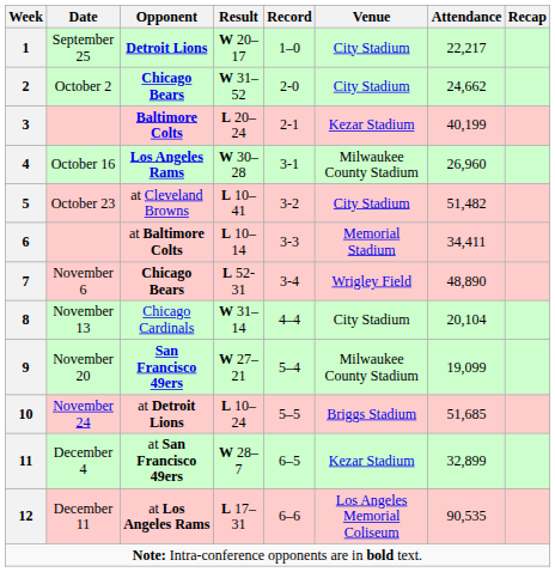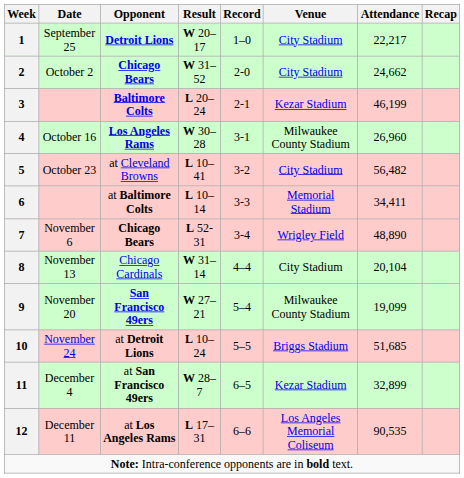 <table class="wikitable" style="text-align:center">
 <tr>
 <th>Week</th>
 <th>Date</th>
 <th>Opponent</th>
 <th>Result</th>
 <th>Record</th>
 <th>Venue</th>
 <th>Attendance</th>
 <th>Recap</th>
 </tr>
 <tr style="background:#cfc">
 <th>1</th>
 <td>September 25</td>
 <td><strong><a href='#'>Detroit Lions</a></strong></td>
 <td><strong>W</strong> 20–17</td>
 <td>1–0</td>
 <td><a href='#'>City Stadium</a></td>
 <td>22,217</td>
 <td></td>
 </tr>
 <tr style="background:#cfc">
 <th>2</th>
 <td>October 2</td>
 <td><strong><a href='#'>Chicago Bears</a></strong></td>
 <td><strong>W</strong> 31–52</td>
 <td>2-0</td>
 <td><a href='#'>City Stadium</a></td>
 <td>24,662</td>
 <td></td>
 </tr>
 <tr style="background:#fcc">
 <th>3</th>
 <td></td>
 <td><strong><a href='#'>Baltimore Colts</a></strong></td>
 <td><strong>L</strong> 20–24</td>
 <td>2-1</td>
 <td><a href='#'>Kezar Stadium</a></td>
-<td>40,199</td>
+<td>46,199</td>
 <td></td>
 </tr>
 <tr style="background:#cfc">
 <th>4</th>
 <td>October 16</td>
 <td><strong><a href='#'>Los Angeles Rams</a></strong></td>
 <td><strong>W</strong> 30–28</td>
 <td>3-1</td>
 <td>Milwaukee County Stadium</td>
 <td>26,960</td>
 <td></td>
 </tr>
 <tr style="background:#fcc">
 <th>5</th>
 <td>October 23</td>
 <td>at <a href='#'>Cleveland Browns</a></td>
 <td><strong>L</strong> 10–41</td>
 <td>3-2</td>
 <td><a href='#'>City Stadium</a></td>
-<td>51,482</td>
+<td>56,482</td>
 <td></td>
 </tr>
 <tr style="background:#fcc">
 <th>6</th>
 <td></td>
 <td>at <strong>Baltimore Colts</strong></td>
 <td><strong>L</strong> 10–14</td>
 <td>3-3</td>
 <td><a href='#'>Memorial Stadium</a></td>
 <td>34,411</td>
 <td></td>
 </tr>
 <tr style="background:#fcc">
 <th>7</th>
 <td>November 6</td>
 <td><strong>Chicago Bears</strong></td>
 <td><strong>L</strong> 52-31</td>
 <td>3-4</td>
 <td><a href='#'>Wrigley Field</a></td>
 <td>48,890</td>
 <td></td>
 </tr>
 <tr style="background:#cfc">
 <th>8</th>
 <td>November 13</td>
 <td><a href='#'>Chicago Cardinals</a></td>
 <td><strong>W</strong> 31–14</td>
 <td>4–4</td>
 <td>City Stadium</td>
 <td>20,104</td>
 <td></td>
 </tr>
 <tr style="background:#cfc">
 <th>9</th>
 <td>November 20</td>
 <td><strong><a href='#'>San Francisco 49ers</a></strong></td>
 <td><strong>W</strong> 27–21</td>
 <td>5–4</td>
 <td>Milwaukee County Stadium</td>
 <td>19,099</td>
 <td></td>
 </tr>
 <tr style="background:#fcc">
 <th>10</th>
 <td><a href='#'>November 24</a></td>
 <td>at <strong>Detroit Lions</strong></td>
 <td><strong>L</strong> 10–24</td>
 <td>5–5</td>
 <td><a href='#'>Briggs Stadium</a></td>
 <td>51,685</td>
 <td></td>
 </tr>
 <tr style="background:#cfc">
 <th>11</th>
 <td>December 4</td>
 <td>at <strong>San Francisco 49ers</strong></td>
 <td><strong>W</strong> 28–7</td>
 <td>6–5</td>
 <td><a href='#'>Kezar Stadium</a></td>
 <td>32,899</td>
 <td></td>
 </tr>
 <tr style="background:#fcc">
 <th>12</th>
 <td>December 11</td>
 <td>at <strong>Los Angeles Rams</strong></td>
 <td><strong>L</strong> 17–31</td>
 <td>6–6</td>
 <td><a href='#'>Los Angeles Memorial Coliseum</a></td>
 <td>90,535</td>
 <td></td>
 </tr>
 <tr>
 <td colspan="8"><strong>Note:</strong> Intra-conference opponents are in <strong>bold</strong> text.</td>
 </tr>
 </table>
